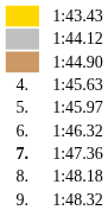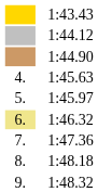 <table style="text-align:center">
 <tr>
 <td width=30 bgcolor=gold></td>
 <td align=left></td>
 <td width=60>1:43.43</td>
 </tr>
 <tr>
 <td bgcolor=silver></td>
 <td align=left></td>
 <td>1:44.12</td>
 </tr>
 <tr>
 <td bgcolor=cc9966></td>
 <td align=left></td>
 <td>1:44.90</td>
 </tr>
 <tr>
 <td>4.</td>
 <td align=left></td>
 <td>1:45.63</td>
 </tr>
 <tr>
 <td>5.</td>
 <td align=left></td>
 <td>1:45.97</td>
 </tr>
 <tr>
-<td>6.</td>
+<td style="background: khaki;">6.</td>
 <td align=left></td>
 <td>1:46.32</td>
 </tr>
 <tr>
-<td><strong>7.</strong></td>
+<td>7.</td>
 <td align=left></td>
 <td>1:47.36</td>
 </tr>
 <tr>
 <td>8.</td>
 <td align=left></td>
 <td>1:48.18</td>
 </tr>
 <tr>
 <td>9.</td>
 <td align=left></td>
 <td>1:48.32</td>
 </tr>
 </table>
